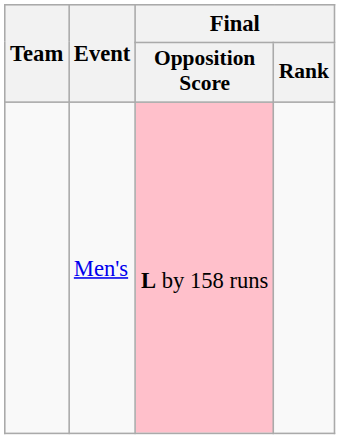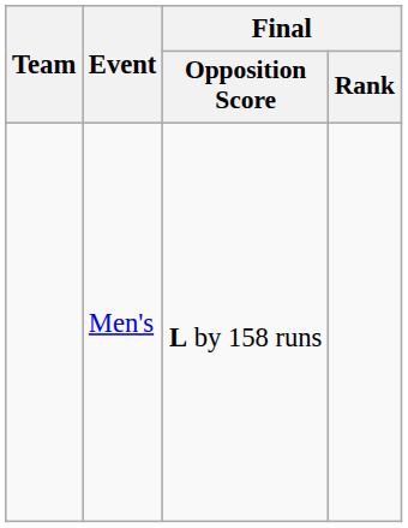 <table class=wikitable style="font-size:90%">
 <tr>
 <th rowspan="2">Team</th>
 <th rowspan="2">Event</th>
 <th colspan=2>Final</th>
 </tr>
 <tr style="font-size:95%">
 <th>Opposition<br>Score</th>
 <th>Rank</th>
 </tr>
 <tr align=center>
 <td align=left><br><br><br><br><br><br><br><br><br><br><br><br></td>
 <td align=left><a href='#'>Men's</a></td>
-<td style="background: pink;"> <br> <strong>L</strong> by 158 runs</td>
+<td> <br> <strong>L</strong> by 158 runs</td>
 <td></td>
 </tr>
 </table>
